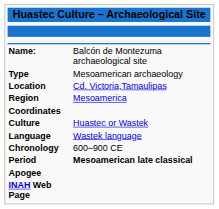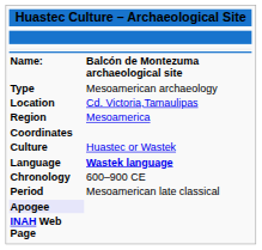 <table class="infobox" style="font-size:90%; text-align:left; width:23.5em">
 <tr>
 <td colspan="3" bgcolor=#1874CD style="text-align: center; font-size: larger;"><span><strong> Huastec Culture – Archaeological Site</strong></span></td>
 </tr>
 <tr style="vertical-align: top; text-align: center;">
 <td colspan=3 bgcolor="#FFFFFF" align="center"></td>
 </tr>
 <tr>
 <td colspan="2" bgcolor=#1874CD><br></td>
 </tr>
 <tr>
 <td colspan=2></td>
 </tr>
 <tr>
 <td style="background:#efefef;"align="center" colspan="2"></td>
 </tr>
 <tr>
 <td colspan="2" bgcolor=#1874CD></td>
 </tr>
 <tr>
 <td><strong>Name:</strong></td>
-<td><span> Balcón de Montezuma archaeological site</span></td>
+<td><strong><span> Balcón de Montezuma archaeological site</span></strong></td>
 </tr>
 <tr>
 <td><strong>Type</strong></td>
 <td>Mesoamerican archaeology</td>
 </tr>
 <tr>
 <td><strong>Location</strong></td>
 <td><a href='#'>Cd. Victoria,Tamaulipas</a> <br></td>
 </tr>
 <tr>
 <td><strong>Region</strong></td>
 <td><a href='#'>Mesoamerica</a></td>
 </tr>
 <tr>
 <td><strong>Coordinates</strong></td>
 <td></td>
 </tr>
 <tr>
 <td><strong>Culture</strong></td>
 <td><a href='#'>Huastec or Wastek</a></td>
 </tr>
 <tr>
 <td><strong>Language</strong></td>
-<td><a href='#'>Wastek language</a></td>
+<td><strong><a href='#'>Wastek language</a></strong></td>
 </tr>
 <tr>
 <td><strong>Chronology</strong></td>
 <td>600–900 CE</td>
 </tr>
 <tr>
 <td><strong>Period</strong></td>
-<td><strong>Mesoamerican late classical</strong></td>
+<td>Mesoamerican late classical</td>
 </tr>
 <tr>
-<td><strong>Apogee</strong></td>
+<td style="background: lavender;"><strong>Apogee</strong></td>
 <td></td>
 </tr>
 <tr>
 <td><strong><a href='#'>INAH</a> Web Page</strong></td>
 <td></td>
 </tr>
 </table>
